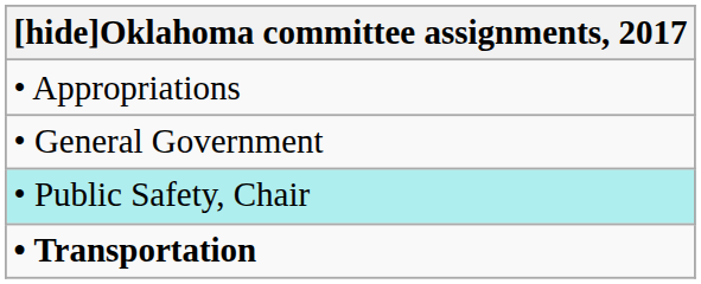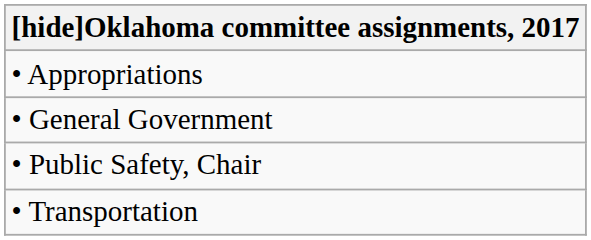 <table class="wikitable">
 <tr>
 <th colspan="4">[hide]Oklahoma committee assignments, 2017</th>
 </tr>
 <tr>
 <td>• Appropriations</td>
 </tr>
 <tr>
 <td>• General Government</td>
 </tr>
 <tr>
-<td style="background: paleturquoise;">• Public Safety, Chair</td>
+<td>• Public Safety, Chair</td>
 </tr>
 <tr>
-<td><strong>• Transportation</strong></td>
+<td>• Transportation</td>
 </tr>
 </table>
